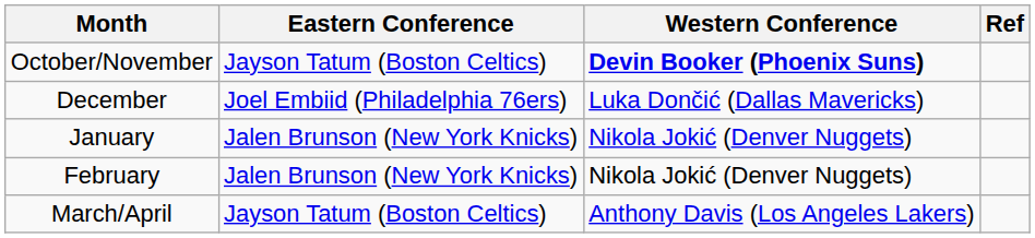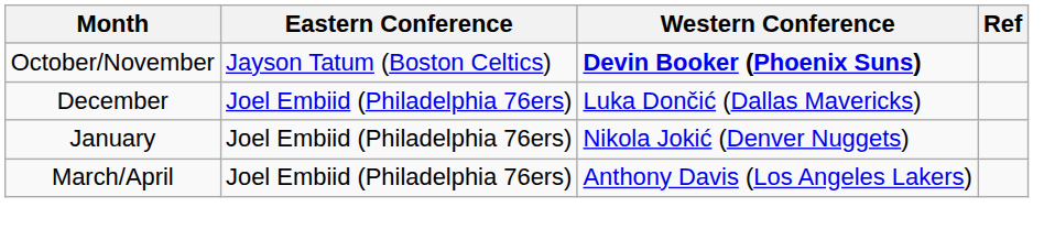 <table class="wikitable sortable" style="text-align:left;">
 <tr>
 <th>Month</th>
 <th>Eastern Conference</th>
 <th>Western Conference</th>
 <th class=unsortable>Ref</th>
 </tr>
 <tr>
 <td style="text-align:center;">October/November</td>
 <td><a href='#'>Jayson Tatum</a> (<a href='#'>Boston Celtics</a>) </td>
 <td><strong><a href='#'>Devin Booker</a> (<a href='#'>Phoenix Suns</a>) </strong></td>
 <td style="text-align:center;"></td>
 </tr>
 <tr>
 <td style="text-align:center;">December</td>
 <td><a href='#'>Joel Embiid</a> (<a href='#'>Philadelphia 76ers</a>) </td>
 <td><a href='#'>Luka Dončić</a> (<a href='#'>Dallas Mavericks</a>) </td>
 <td style="text-align:center;"></td>
 </tr>
 <tr>
 <td style="text-align:center;">January</td>
-<td><a href='#'>Jalen Brunson</a> (<a href='#'>New York Knicks</a>) </td>
+<td>Joel Embiid (Philadelphia 76ers) </td>
 <td><a href='#'>Nikola Jokić</a> (<a href='#'>Denver Nuggets</a>) </td>
 <td style="text-align:center;"></td>
 </tr>
 <tr>
-<td style="text-align:center;">February</td>
-<td><a href='#'>Jalen Brunson</a> (<a href='#'>New York Knicks</a>) </td>
-<td>Nikola Jokić (Denver Nuggets) </td>
-<td style="text-align:center;"></td>
-</tr>
-<tr>
 <td style="text-align:center;'">March/April</td>
-<td><a href='#'>Jayson Tatum</a> (<a href='#'>Boston Celtics</a>) </td>
+<td>Joel Embiid (Philadelphia 76ers) </td>
 <td><a href='#'>Anthony Davis</a> (<a href='#'>Los Angeles Lakers</a>) </td>
 <td style="text-align:center;"></td>
 </tr>
 </table>
